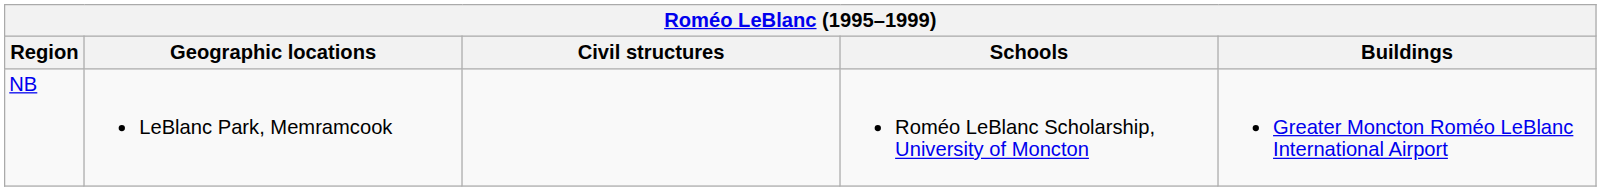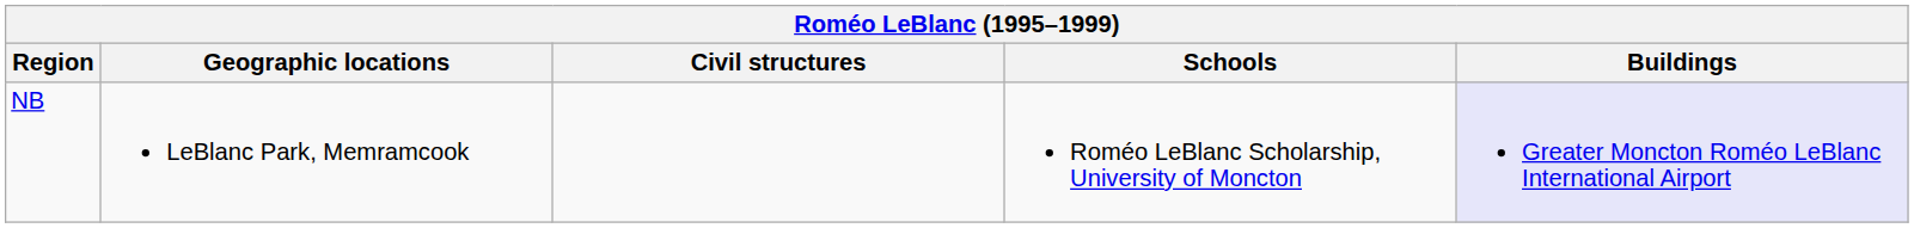 <table class="wikitable" width="100%">
 <tr>
 <th colspan="5"><a href='#'>Roméo LeBlanc</a> (1995–1999)</th>
 </tr>
 <tr>
 <th width="5%">Region</th>
 <th width="23.75%">Geographic locations</th>
 <th width="23.75%">Civil structures</th>
 <th width="23.75%">Schools</th>
 <th width="23.75%">Buildings</th>
 </tr>
 <tr>
 <td align=left valign=top> <a href='#'>NB</a></td>
 <td align=left valign=top><br><ul><li>LeBlanc Park, Memramcook</li></ul></td>
 <td></td>
 <td align=left valign=top><br><ul><li>Roméo LeBlanc Scholarship, <a href='#'>University of Moncton</a></li></ul></td>
-<td align=left valign=top><br><ul><li><a href='#'>Greater Moncton Roméo LeBlanc International Airport</a></li></ul></td>
+<td align=left valign=top style="background: lavender;"><br><ul><li><a href='#'>Greater Moncton Roméo LeBlanc International Airport</a></li></ul></td>
 </tr>
 </table>
